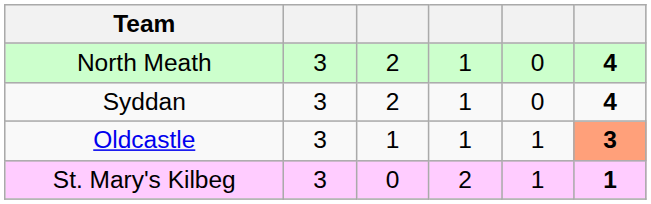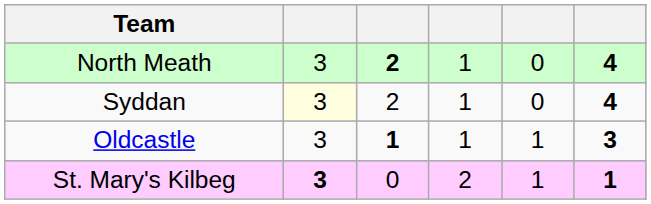 <table class="wikitable" style="text-align:center">
 <tr>
 <th style="width:175px;">Team</th>
 <th width="40"></th>
 <th width="40"></th>
 <th width="40"></th>
 <th width="40"></th>
 <th width="40"></th>
 </tr>
 <tr style="background:#cfc;">
 <td>North Meath</td>
 <td>3</td>
-<td>2</td>
+<td><strong>2</strong></td>
 <td>1</td>
 <td>0</td>
 <td><strong>4</strong></td>
 </tr>
 <tr>
 <td>Syddan</td>
-<td>3</td>
+<td style="background: lightyellow;">3</td>
 <td>2</td>
 <td>1</td>
 <td>0</td>
 <td><strong>4</strong></td>
 </tr>
 <tr>
 <td><a href='#'>Oldcastle</a></td>
 <td>3</td>
+<td><strong>1</strong></td>
 <td>1</td>
 <td>1</td>
-<td>1</td>
-<td style="background: lightsalmon;"><strong>3</strong></td>
+<td><strong>3</strong></td>
 </tr>
 <tr style="background:#fcf;">
 <td>St. Mary's Kilbeg</td>
-<td>3</td>
+<td><strong>3</strong></td>
 <td>0</td>
 <td>2</td>
 <td>1</td>
 <td><strong>1</strong></td>
 </tr>
 </table>
